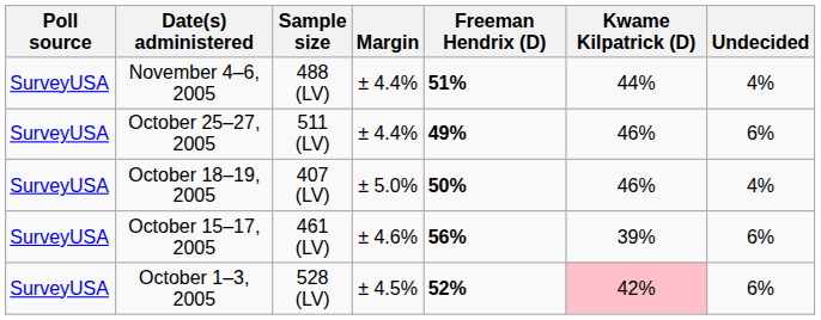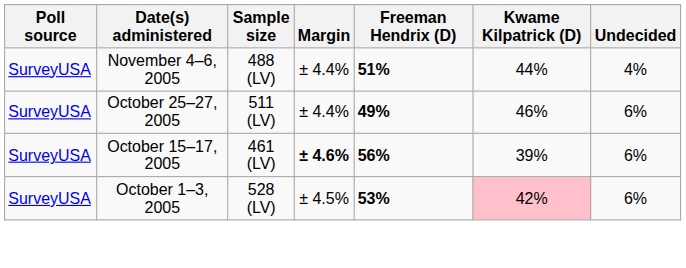 <table class="wikitable" style="font-size:90%">
 <tr valign=bottom>
 <th>Poll source</th>
 <th>Date(s)<br>administered</th>
 <th>Sample<br>size</th>
 <th>Margin<br></th>
 <th style="width:100px;">Freeman<br>Hendrix (D)</th>
 <th style="width:100px;">Kwame<br>Kilpatrick (D)</th>
 <th>Undecided</th>
 </tr>
 <tr>
 <td><a href='#'>SurveyUSA</a></td>
 <td align=center>November 4–6, 2005</td>
 <td align=center>488 (LV)</td>
 <td align=center>± 4.4%</td>
 <td><strong>51%</strong></td>
 <td align=center>44%</td>
 <td align=center>4%</td>
 </tr>
 <tr>
 <td><a href='#'>SurveyUSA</a></td>
 <td align=center>October 25–27, 2005</td>
 <td align=center>511 (LV)</td>
 <td align=center>± 4.4%</td>
 <td><strong>49%</strong></td>
 <td align=center>46%</td>
 <td align=center>6%</td>
 </tr>
 <tr>
 <td><a href='#'>SurveyUSA</a></td>
-<td align=center>October 18–19, 2005</td>
-<td align=center>407 (LV)</td>
-<td align=center>± 5.0%</td>
-<td><strong>50%</strong></td>
-<td align=center>46%</td>
-<td align=center>4%</td>
-</tr>
-<tr>
-<td><a href='#'>SurveyUSA</a></td>
 <td align=center>October 15–17, 2005</td>
 <td align=center>461 (LV)</td>
-<td align=center>± 4.6%</td>
+<td align=center><strong>± 4.6%</strong></td>
 <td><strong>56%</strong></td>
 <td align=center>39%</td>
 <td align=center>6%</td>
 </tr>
 <tr>
 <td><a href='#'>SurveyUSA</a></td>
 <td align=center>October 1–3, 2005</td>
 <td align=center>528 (LV)</td>
 <td align=center>± 4.5%</td>
-<td><strong>52%</strong></td>
+<td><strong>53%</strong></td>
 <td align=center style="background: pink;">42%</td>
 <td align=center>6%</td>
 </tr>
 </table>
